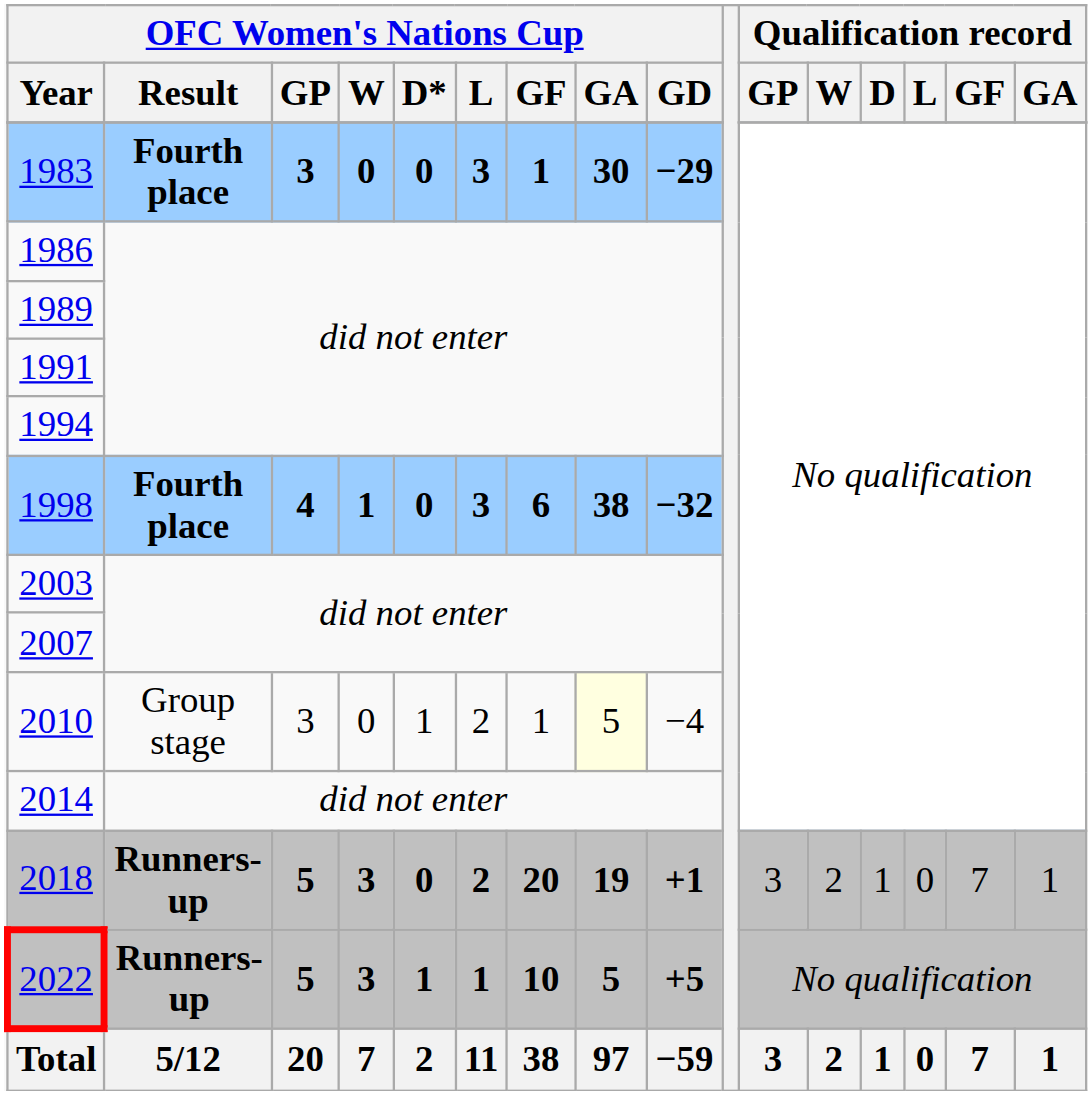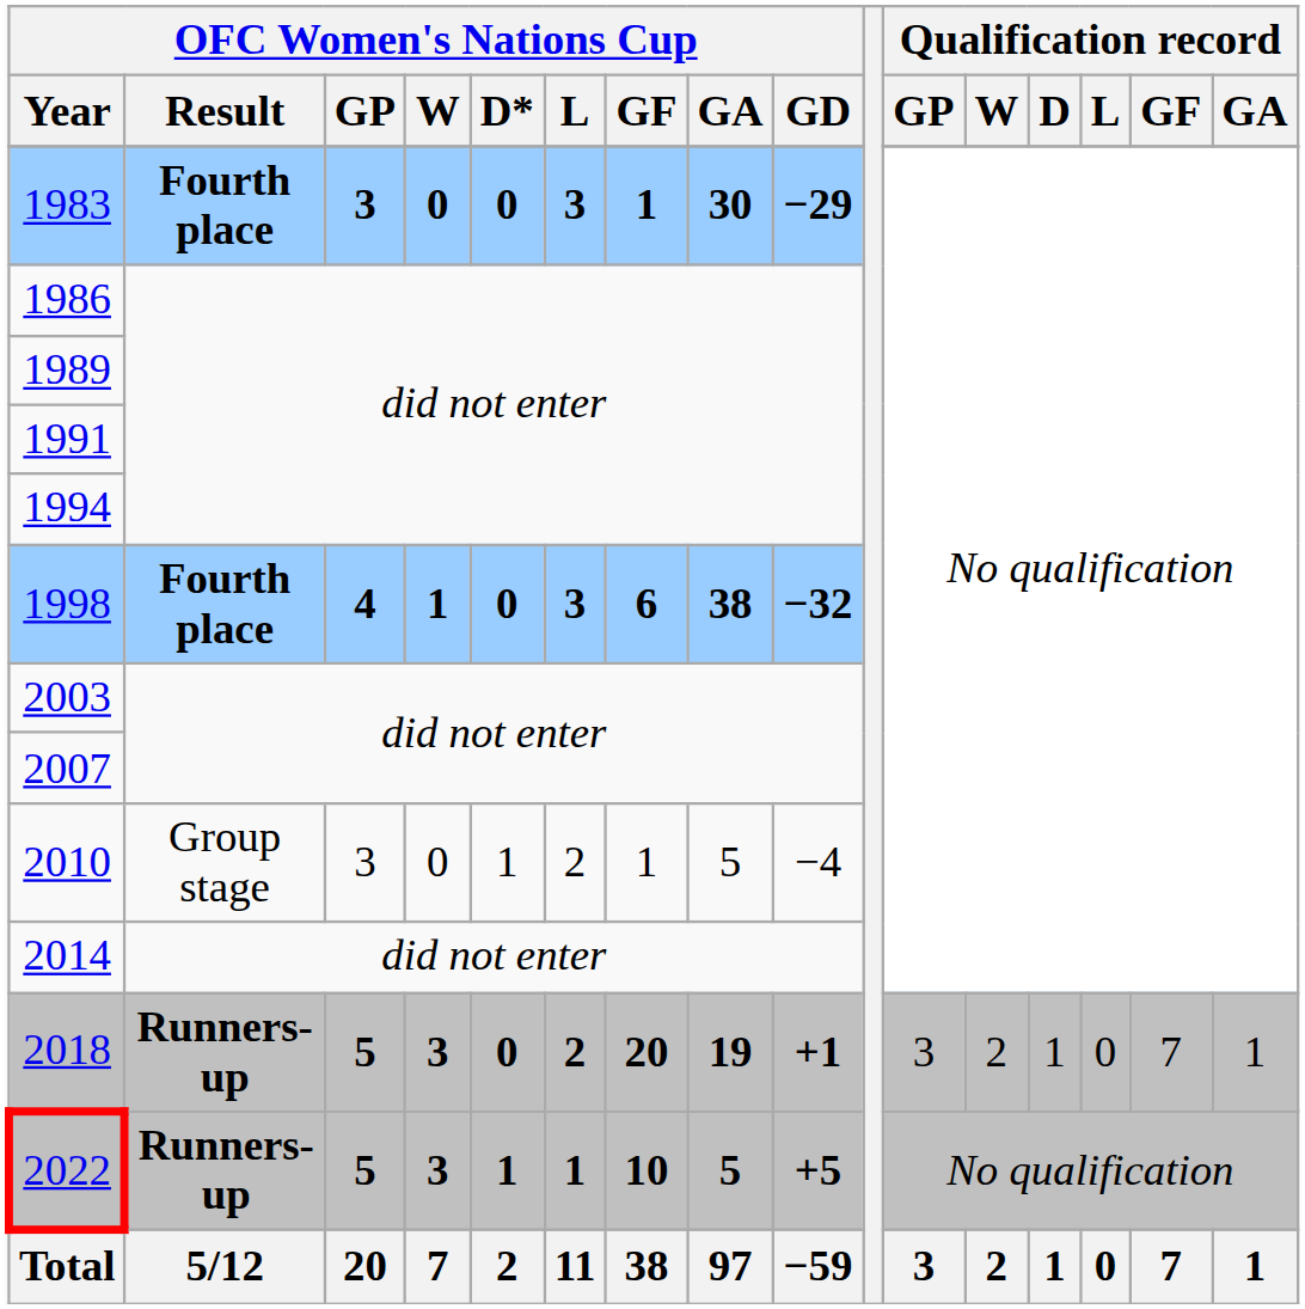 <table class="wikitable" style="text-align: center; width:50%;">
 <tr>
 <th colspan=9><a href='#'>OFC Women's Nations Cup</a></th>
 <th rowspan=20></th>
 <th colspan=6>Qualification record</th>
 </tr>
 <tr>
 <th>Year</th>
 <th>Result</th>
 <th>GP</th>
 <th>W</th>
 <th>D*</th>
 <th>L</th>
 <th>GF</th>
 <th>GA</th>
 <th>GD</th>
 <th>GP</th>
 <th>W</th>
 <th>D</th>
 <th>L</th>
 <th>GF</th>
 <th>GA</th>
 </tr>
 <tr>
 </tr>
 <tr style="background:#9acdff">
 <td> <a href='#'>1983</a></td>
 <td><strong>Fourth place</strong></td>
 <td><strong>3</strong></td>
 <td><strong>0</strong></td>
 <td><strong>0</strong></td>
 <td><strong>3</strong></td>
 <td><strong>1</strong></td>
 <td><strong>30</strong></td>
 <td><strong>−29</strong></td>
 <td bgcolor=#FFFFFF colspan=6 rowspan=10><em>No qualification</em></td>
 </tr>
 <tr>
 <td> <a href='#'>1986</a></td>
 <td rowspan="4" colspan="8"><em>did not enter</em></td>
 </tr>
 <tr>
 <td> <a href='#'>1989</a></td>
 </tr>
 <tr>
 <td> <a href='#'>1991</a></td>
 </tr>
 <tr>
 <td> <a href='#'>1994</a></td>
 </tr>
 <tr style="background:#9acdff">
 <td> <a href='#'>1998</a></td>
 <td><strong>Fourth place</strong></td>
 <td><strong>4</strong></td>
 <td><strong>1</strong></td>
 <td><strong>0</strong></td>
 <td><strong>3</strong></td>
 <td><strong>6</strong></td>
 <td><strong>38</strong></td>
 <td><strong>−32</strong></td>
 </tr>
 <tr>
 <td> <a href='#'>2003</a></td>
 <td rowspan="2" colspan="8"><em>did not enter</em></td>
 </tr>
 <tr>
 <td> <a href='#'>2007</a></td>
 </tr>
 <tr>
 <td> <a href='#'>2010</a></td>
 <td>Group stage</td>
 <td>3</td>
 <td>0</td>
 <td>1</td>
 <td>2</td>
 <td>1</td>
-<td style="background: lightyellow;">5</td>
+<td>5</td>
 <td>−4</td>
 </tr>
 <tr>
 <td> <a href='#'>2014</a></td>
 <td rowspan="1" colspan="8"><em>did not enter</em></td>
 </tr>
 <tr bgcolor=silver>
 <td> <a href='#'>2018</a></td>
 <td><strong>Runners-up</strong></td>
 <td><strong>5</strong></td>
 <td><strong>3</strong></td>
 <td><strong>0</strong></td>
 <td><strong>2</strong></td>
 <td><strong>20</strong></td>
 <td><strong>19</strong></td>
 <td><strong>+1</strong></td>
 <td>3</td>
 <td>2</td>
 <td>1</td>
 <td>0</td>
 <td>7</td>
 <td>1</td>
 </tr>
 <tr bgcolor=silver>
 <td style="border: 3px solid red"> <a href='#'>2022</a></td>
 <td><strong>Runners-up</strong></td>
 <td><strong>5</strong></td>
 <td><strong>3</strong></td>
 <td><strong>1</strong></td>
 <td><strong>1</strong></td>
 <td><strong>10</strong></td>
 <td><strong>5</strong></td>
 <td><strong>+5</strong></td>
 <td colspan=6><em>No qualification</em></td>
 </tr>
 <tr>
 <th><strong>Total</strong></th>
 <th><strong>5/12</strong></th>
 <th><strong>20</strong></th>
 <th><strong>7</strong></th>
 <th><strong>2</strong></th>
 <th><strong>11</strong></th>
 <th><strong>38</strong></th>
 <th><strong>97</strong></th>
 <th><strong>−59</strong></th>
 <th>3</th>
 <th>2</th>
 <th>1</th>
 <th>0</th>
 <th>7</th>
 <th>1</th>
 </tr>
 </table>
